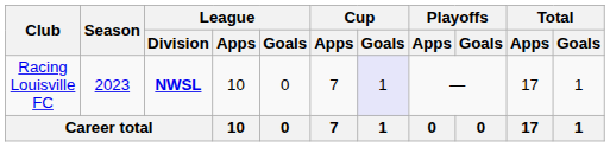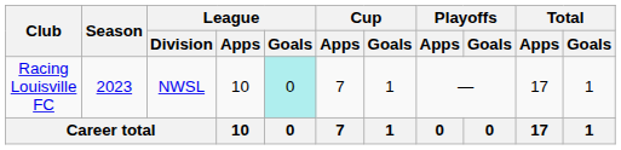 <table class="wikitable" style="text-align: center;">
 <tr>
 <th rowspan=2 scope="col">Club</th>
 <th rowspan=2 scope="col">Season</th>
 <th colspan=3 scope="col">League</th>
 <th colspan=2 scope="col">Cup</th>
 <th colspan=2 scope="col">Playoffs</th>
 <th colspan=2 scope="col">Total</th>
 </tr>
 <tr>
 <th>Division</th>
 <th>Apps</th>
 <th>Goals</th>
 <th>Apps</th>
 <th>Goals</th>
 <th>Apps</th>
 <th>Goals</th>
 <th>Apps</th>
 <th>Goals</th>
 </tr>
 <tr>
 <td><a href='#'>Racing Louisville FC</a></td>
 <td><a href='#'>2023</a></td>
-<td><strong><a href='#'>NWSL</a></strong></td>
+<td><a href='#'>NWSL</a></td>
 <td>10</td>
-<td>0</td>
+<td style="background: paleturquoise;">0</td>
 <td>7</td>
-<td style="background: lavender;">1</td>
+<td>1</td>
 <td colspan="2">—</td>
 <td>17</td>
 <td>1</td>
 </tr>
 <tr>
 <th colspan=3>Career total</th>
 <th>10</th>
 <th>0</th>
 <th>7</th>
 <th>1</th>
 <th>0</th>
 <th>0</th>
 <th>17</th>
 <th>1</th>
 </tr>
 </table>
